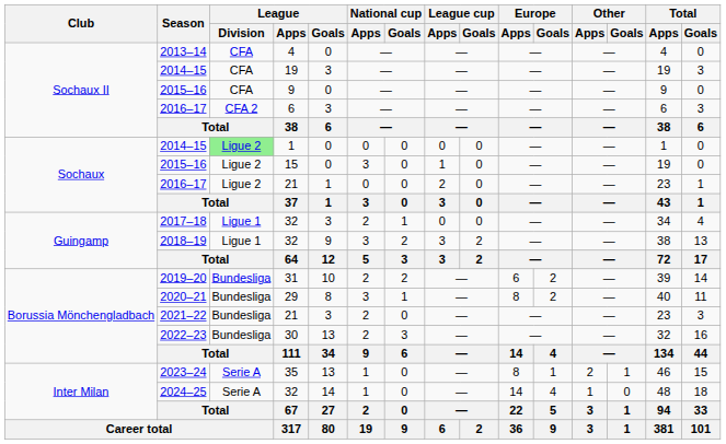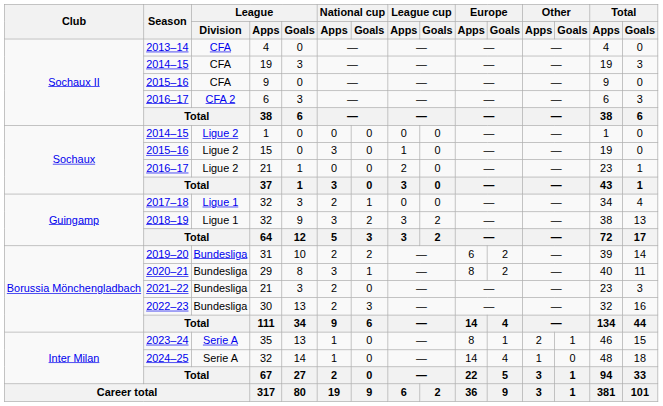 <table class="wikitable" style="text-align: center;">
 <tr>
 <th rowspan="2">Club</th>
 <th rowspan="2">Season</th>
 <th colspan="3">League</th>
 <th colspan="2">National cup</th>
 <th colspan="2">League cup</th>
 <th colspan="2">Europe</th>
 <th colspan="2">Other</th>
 <th colspan="2">Total</th>
 </tr>
 <tr>
 <th>Division</th>
 <th>Apps</th>
 <th>Goals</th>
 <th>Apps</th>
 <th>Goals</th>
 <th>Apps</th>
 <th>Goals</th>
 <th>Apps</th>
 <th>Goals</th>
 <th>Apps</th>
 <th>Goals</th>
 <th>Apps</th>
 <th>Goals</th>
 </tr>
 <tr>
 <td rowspan="5"><a href='#'>Sochaux II</a></td>
 <td><a href='#'>2013–14</a></td>
 <td><a href='#'>CFA</a></td>
 <td>4</td>
 <td>0</td>
 <td colspan="2">—</td>
 <td colspan="2">—</td>
 <td colspan="2">—</td>
 <td colspan="2">—</td>
 <td>4</td>
 <td>0</td>
 </tr>
 <tr>
 <td><a href='#'>2014–15</a></td>
 <td>CFA</td>
 <td>19</td>
 <td>3</td>
 <td colspan="2">—</td>
 <td colspan="2">—</td>
 <td colspan="2">—</td>
 <td colspan="2">—</td>
 <td>19</td>
 <td>3</td>
 </tr>
 <tr>
 <td><a href='#'>2015–16</a></td>
 <td>CFA</td>
 <td>9</td>
 <td>0</td>
 <td colspan="2">—</td>
 <td colspan="2">—</td>
 <td colspan="2">—</td>
 <td colspan="2">—</td>
 <td>9</td>
 <td>0</td>
 </tr>
 <tr>
 <td><a href='#'>2016–17</a></td>
 <td><a href='#'>CFA 2</a></td>
 <td>6</td>
 <td>3</td>
 <td colspan="2">—</td>
 <td colspan="2">—</td>
 <td colspan="2">—</td>
 <td colspan="2">—</td>
 <td>6</td>
 <td>3</td>
 </tr>
 <tr>
 <th colspan="2">Total</th>
 <th>38</th>
 <th>6</th>
 <th colspan="2">—</th>
 <th colspan="2">—</th>
 <th colspan="2">—</th>
 <th colspan="2">—</th>
 <th>38</th>
 <th>6</th>
 </tr>
 <tr>
 <td rowspan="4"><a href='#'>Sochaux</a></td>
 <td><a href='#'>2014–15</a></td>
-<td style="background: lightgreen;"><a href='#'>Ligue 2</a></td>
+<td><a href='#'>Ligue 2</a></td>
 <td>1</td>
 <td>0</td>
 <td>0</td>
 <td>0</td>
 <td>0</td>
 <td>0</td>
 <td colspan="2">—</td>
 <td colspan="2">—</td>
 <td>1</td>
 <td>0</td>
 </tr>
 <tr>
 <td><a href='#'>2015–16</a></td>
 <td>Ligue 2</td>
 <td>15</td>
 <td>0</td>
 <td>3</td>
 <td>0</td>
 <td>1</td>
 <td>0</td>
 <td colspan="2">—</td>
 <td colspan="2">—</td>
 <td>19</td>
 <td>0</td>
 </tr>
 <tr>
 <td><a href='#'>2016–17</a></td>
 <td>Ligue 2</td>
 <td>21</td>
 <td>1</td>
 <td>0</td>
 <td>0</td>
 <td>2</td>
 <td>0</td>
 <td colspan="2">—</td>
 <td colspan="2">—</td>
 <td>23</td>
 <td>1</td>
 </tr>
 <tr>
 <th colspan="2">Total</th>
 <th>37</th>
 <th>1</th>
 <th>3</th>
 <th>0</th>
 <th>3</th>
 <th>0</th>
 <th colspan="2">—</th>
 <th colspan="2">—</th>
 <th>43</th>
 <th>1</th>
 </tr>
 <tr>
 <td rowspan="3"><a href='#'>Guingamp</a></td>
 <td><a href='#'>2017–18</a></td>
 <td><a href='#'>Ligue 1</a></td>
 <td>32</td>
 <td>3</td>
 <td>2</td>
 <td>1</td>
 <td>0</td>
 <td>0</td>
 <td colspan="2">—</td>
 <td colspan="2">—</td>
 <td>34</td>
 <td>4</td>
 </tr>
 <tr>
 <td><a href='#'>2018–19</a></td>
 <td>Ligue 1</td>
 <td>32</td>
 <td>9</td>
 <td>3</td>
 <td>2</td>
 <td>3</td>
 <td>2</td>
 <td colspan="2">—</td>
 <td colspan="2">—</td>
 <td>38</td>
 <td>13</td>
 </tr>
 <tr>
 <th colspan="2">Total</th>
 <th>64</th>
 <th>12</th>
 <th>5</th>
 <th>3</th>
 <th>3</th>
 <th>2</th>
 <th colspan="2">—</th>
 <th colspan="2">—</th>
 <th>72</th>
 <th>17</th>
 </tr>
 <tr>
 <td rowspan="5"><a href='#'>Borussia Mönchengladbach</a></td>
 <td><a href='#'>2019–20</a></td>
 <td><a href='#'>Bundesliga</a></td>
 <td>31</td>
 <td>10</td>
 <td>2</td>
 <td>2</td>
 <td colspan="2">—</td>
 <td>6</td>
 <td>2</td>
 <td colspan="2">—</td>
 <td>39</td>
 <td>14</td>
 </tr>
 <tr>
 <td><a href='#'>2020–21</a></td>
 <td>Bundesliga</td>
 <td>29</td>
 <td>8</td>
 <td>3</td>
 <td>1</td>
 <td colspan="2">—</td>
 <td>8</td>
 <td>2</td>
 <td colspan="2">—</td>
 <td>40</td>
 <td>11</td>
 </tr>
 <tr>
 <td><a href='#'>2021–22</a></td>
 <td>Bundesliga</td>
 <td>21</td>
 <td>3</td>
 <td>2</td>
 <td>0</td>
 <td colspan="2">—</td>
 <td colspan="2">—</td>
 <td colspan="2">—</td>
 <td>23</td>
 <td>3</td>
 </tr>
 <tr>
 <td><a href='#'>2022–23</a></td>
 <td>Bundesliga</td>
 <td>30</td>
 <td>13</td>
 <td>2</td>
 <td>3</td>
 <td colspan="2">—</td>
 <td colspan="2">—</td>
 <td colspan="2">—</td>
 <td>32</td>
 <td>16</td>
 </tr>
 <tr>
 <th colspan="2">Total</th>
 <th>111</th>
 <th>34</th>
 <th>9</th>
 <th>6</th>
 <th colspan="2">—</th>
 <th>14</th>
 <th>4</th>
 <th colspan="2">—</th>
 <th>134</th>
 <th>44</th>
 </tr>
 <tr>
 <td rowspan="3"><a href='#'>Inter Milan</a></td>
 <td><a href='#'>2023–24</a></td>
 <td><a href='#'>Serie A</a></td>
 <td>35</td>
 <td>13</td>
 <td>1</td>
 <td>0</td>
 <td colspan="2">—</td>
 <td>8</td>
 <td>1</td>
 <td>2</td>
 <td>1</td>
 <td>46</td>
 <td>15</td>
 </tr>
 <tr>
 <td><a href='#'>2024–25</a></td>
 <td>Serie A</td>
 <td>32</td>
 <td>14</td>
 <td>1</td>
 <td>0</td>
 <td colspan="2">—</td>
 <td>14</td>
 <td>4</td>
 <td>1</td>
 <td>0</td>
 <td>48</td>
 <td>18</td>
 </tr>
 <tr>
 <th colspan="2">Total</th>
 <th>67</th>
 <th>27</th>
 <th>2</th>
 <th>0</th>
 <th colspan="2">—</th>
 <th>22</th>
 <th>5</th>
 <th>3</th>
 <th>1</th>
 <th>94</th>
 <th>33</th>
 </tr>
 <tr>
 <th colspan="3">Career total</th>
 <th>317</th>
 <th>80</th>
 <th>19</th>
 <th>9</th>
 <th>6</th>
 <th>2</th>
 <th>36</th>
 <th>9</th>
 <th>3</th>
 <th>1</th>
 <th>381</th>
 <th>101</th>
 </tr>
 </table>
